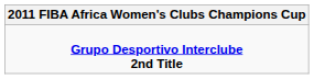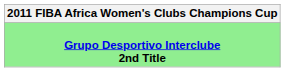 <table class=wikitable style="text-align:center; margin:auto">
 <tr>
 <th>2011 FIBA Africa Women's Clubs Champions Cup</th>
 </tr>
 <tr>
-<td><br><strong><a href='#'>Grupo Desportivo Interclube</a></strong><br><strong>2nd Title</strong></td>
+<td style="background: lightgreen;"><br><strong><a href='#'>Grupo Desportivo Interclube</a></strong><br><strong>2nd Title</strong></td>
 </tr>
 </table>
